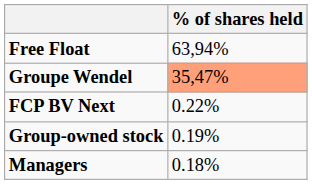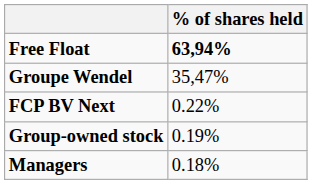 <table class="wikitable">
 <tr>
 <th></th>
 <th>% of shares held</th>
 </tr>
 <tr>
 <td><strong>Free Float</strong></td>
-<td>63,94%</td>
+<td><strong>63,94%</strong></td>
 </tr>
 <tr>
 <td><strong>Groupe Wendel</strong></td>
-<td style="background: lightsalmon;">35,47%</td>
+<td>35,47%</td>
 </tr>
 <tr>
 <td><strong>FCP BV Next </strong></td>
 <td>0.22%</td>
 </tr>
 <tr>
 <td><strong>Group-owned stock</strong></td>
 <td>0.19%</td>
 </tr>
 <tr>
 <td><strong>Managers</strong></td>
 <td>0.18%</td>
 </tr>
 </table>
